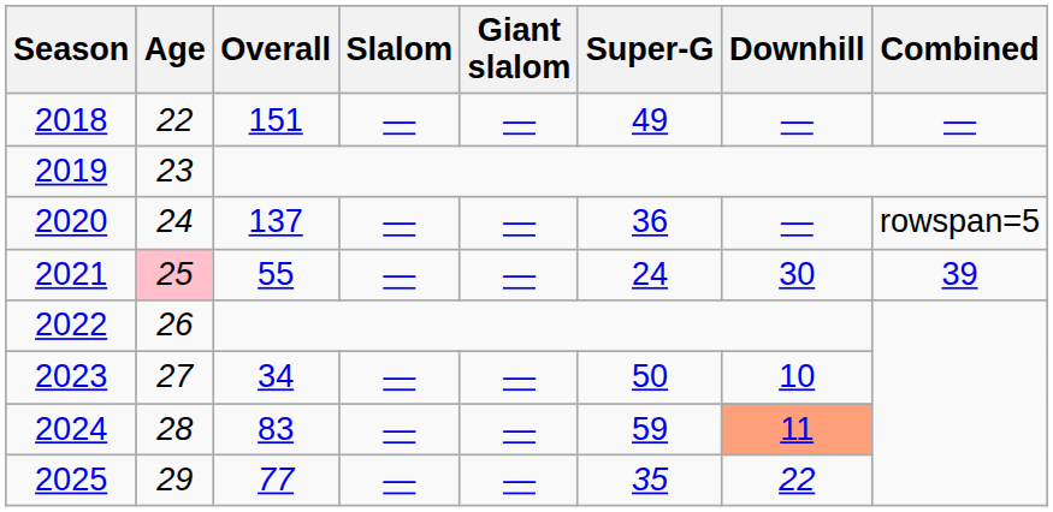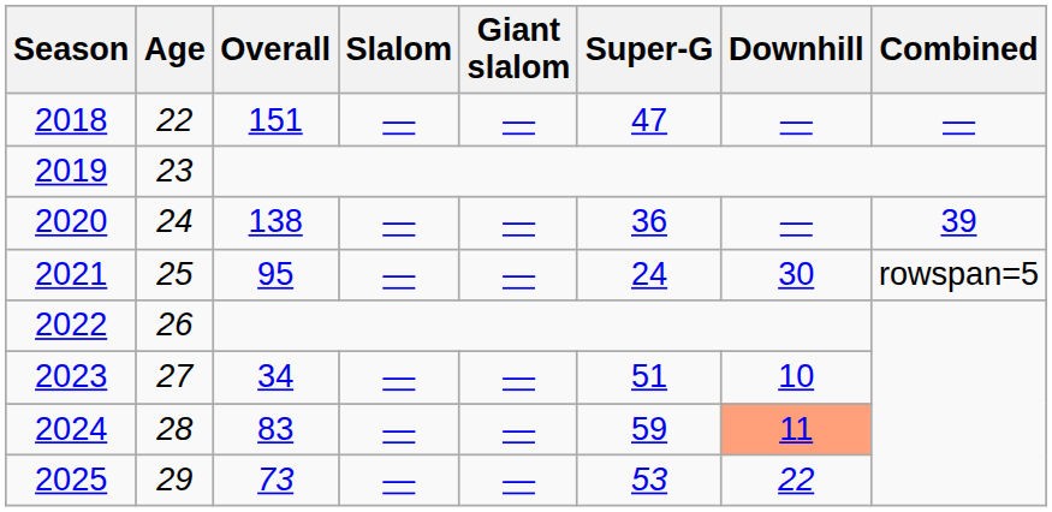 <table class=wikitable style="text-align:center">
 <tr>
 <th>Season</th>
 <th>Age</th>
 <th>Overall</th>
 <th>Slalom</th>
 <th>Giant<br>slalom</th>
 <th>Super-G</th>
 <th>Downhill</th>
 <th>Combined</th>
 </tr>
 <tr>
 <td><a href='#'>2018</a></td>
 <td><em>22</em></td>
 <td><a href='#'>151</a></td>
 <td><a href='#'>—</a></td>
 <td><a href='#'>—</a></td>
-<td><a href='#'>49</a></td>
+<td><a href='#'>47</a></td>
 <td><a href='#'>—</a></td>
 <td><a href='#'>—</a></td>
 </tr>
 <tr>
 <td><a href='#'>2019</a></td>
 <td><em>23</em></td>
 <td colspan=6></td>
 </tr>
 <tr>
 <td><a href='#'>2020</a></td>
 <td><em>24</em></td>
-<td><a href='#'>137</a></td>
+<td><a href='#'>138</a></td>
 <td><a href='#'>—</a></td>
 <td><a href='#'>—</a></td>
 <td><a href='#'>36</a></td>
 <td><a href='#'>—</a></td>
-<td>rowspan=5 </td>
+<td><a href='#'>39</a></td>
 </tr>
 <tr>
 <td><a href='#'>2021</a></td>
-<td style="background: pink;"><em>25</em></td>
-<td><a href='#'>55</a></td>
+<td><em>25</em></td>
+<td><a href='#'>95</a></td>
 <td><a href='#'>—</a></td>
 <td><a href='#'>—</a></td>
 <td><a href='#'>24</a></td>
 <td><a href='#'>30</a></td>
-<td><a href='#'>39</a></td>
+<td>rowspan=5 </td>
 </tr>
 <tr>
 <td><a href='#'>2022</a></td>
 <td><em>26</em></td>
 <td colspan=5></td>
 </tr>
 <tr>
 <td><a href='#'>2023</a></td>
 <td><em>27</em></td>
 <td><a href='#'>34</a></td>
 <td><a href='#'>—</a></td>
 <td><a href='#'>—</a></td>
-<td><a href='#'>50</a></td>
+<td><a href='#'>51</a></td>
 <td><a href='#'>10</a></td>
 </tr>
 <tr>
 <td><a href='#'>2024</a></td>
 <td><em>28</em></td>
 <td><a href='#'>83</a></td>
 <td><a href='#'>—</a></td>
 <td><a href='#'>—</a></td>
 <td><a href='#'>59</a></td>
 <td style="background: lightsalmon;"><a href='#'>11</a></td>
 </tr>
 <tr>
 <td><a href='#'>2025</a></td>
 <td><em>29</em></td>
-<td><a href='#'><em>77</em></a></td>
+<td><a href='#'><em>73</em></a></td>
 <td><a href='#'>—</a></td>
 <td><a href='#'>—</a></td>
-<td><a href='#'><em>35</em></a></td>
+<td><a href='#'><em>53</em></a></td>
 <td><a href='#'><em>22</em></a></td>
 </tr>
 </table>
